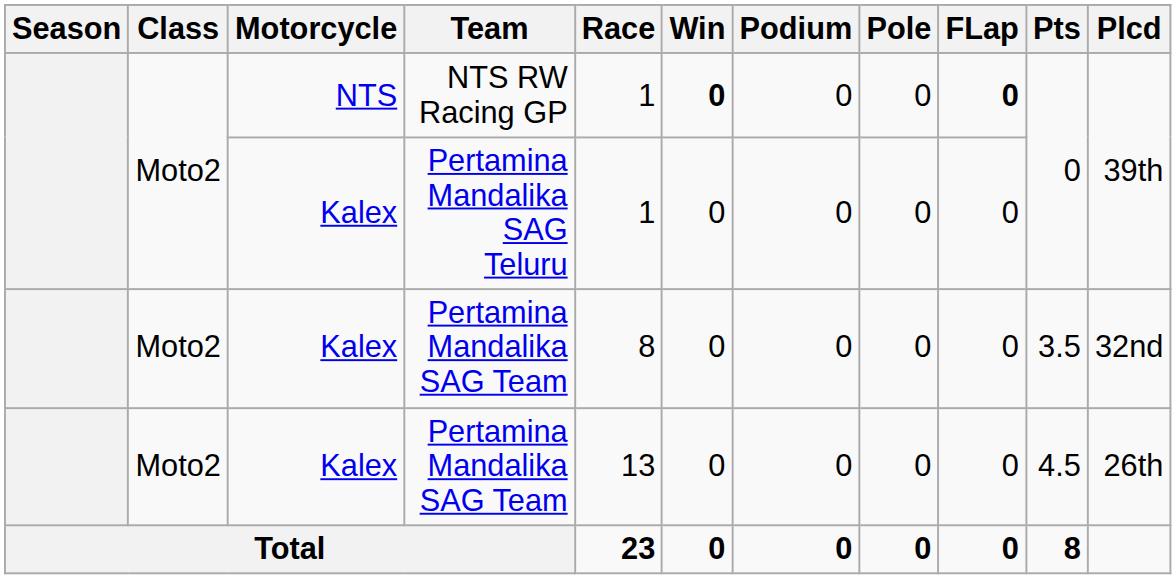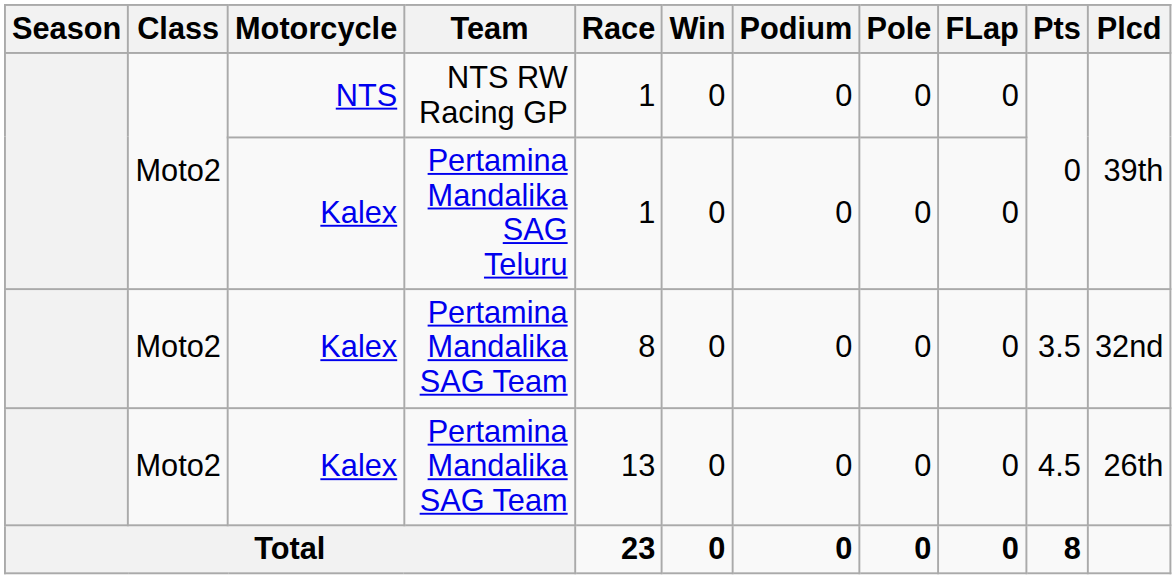 <table class="wikitable" style=text-align:right>
 <tr>
 <th>Season</th>
 <th>Class</th>
 <th>Motorcycle</th>
 <th>Team</th>
 <th>Race</th>
 <th>Win</th>
 <th>Podium</th>
 <th>Pole</th>
 <th>FLap</th>
 <th>Pts</th>
 <th>Plcd</th>
 </tr>
 <tr>
 <th rowspan=2></th>
 <td rowspan=2>Moto2</td>
 <td><a href='#'>NTS</a></td>
 <td>NTS RW Racing GP</td>
 <td>1</td>
-<td><strong>0</strong></td>
 <td>0</td>
 <td>0</td>
-<td><strong>0</strong></td>
+<td>0</td>
+<td>0</td>
 <td rowspan=2>0</td>
 <td rowspan=2>39th</td>
 </tr>
 <tr>
 <td><a href='#'>Kalex</a></td>
 <td><a href='#'>Pertamina Mandalika SAG Teluru</a></td>
 <td>1</td>
 <td>0</td>
 <td>0</td>
 <td>0</td>
 <td>0</td>
 </tr>
 <tr>
 <th></th>
 <td>Moto2</td>
 <td><a href='#'>Kalex</a></td>
 <td><a href='#'>Pertamina Mandalika SAG Team</a></td>
 <td>8</td>
 <td>0</td>
 <td>0</td>
 <td>0</td>
 <td>0</td>
 <td>3.5</td>
 <td>32nd</td>
 </tr>
 <tr>
 <th></th>
 <td>Moto2</td>
 <td><a href='#'>Kalex</a></td>
 <td><a href='#'>Pertamina Mandalika SAG Team</a></td>
 <td>13</td>
 <td>0</td>
 <td>0</td>
 <td>0</td>
 <td>0</td>
 <td>4.5</td>
 <td>26th</td>
 </tr>
 <tr>
 <th colspan="4">Total</th>
 <td><strong>23</strong></td>
 <td><strong>0</strong></td>
 <td><strong>0</strong></td>
 <td><strong>0</strong></td>
 <td><strong>0</strong></td>
 <td><strong>8</strong></td>
 <td></td>
 </tr>
 </table>
